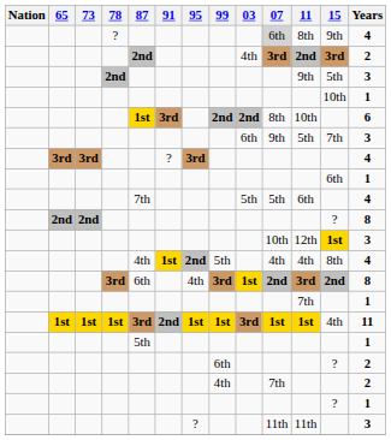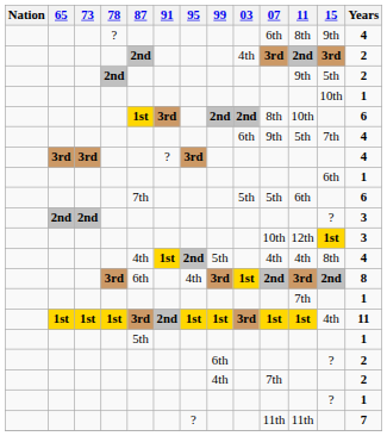 <table class="wikitable" style="text-align:center">
 <tr>
 <th>Nation</th>
 <th><a href='#'>65</a><br></th>
 <th><a href='#'>73</a><br></th>
 <th><a href='#'>78</a><br></th>
 <th><a href='#'>87</a><br></th>
 <th><a href='#'>91</a><br></th>
 <th><a href='#'>95</a><br></th>
 <th><a href='#'>99</a><br></th>
 <th><a href='#'>03</a><br></th>
 <th><a href='#'>07</a><br></th>
 <th><a href='#'>11</a><br></th>
 <th><a href='#'>15</a><br></th>
 <th>Years</th>
 </tr>
 <tr>
 <td align=left></td>
 <td></td>
 <td></td>
 <td>?</td>
 <td></td>
 <td></td>
 <td></td>
 <td></td>
 <td></td>
-<td style="background: lightgrey;">6th</td>
+<td>6th</td>
 <td>8th</td>
 <td>9th</td>
 <td><strong>4</strong></td>
 </tr>
 <tr>
 <td align=left></td>
 <td></td>
 <td></td>
 <td></td>
 <td bgcolor=silver><strong>2nd</strong></td>
 <td></td>
 <td></td>
 <td></td>
 <td>4th</td>
 <td bgcolor=#cc9966><strong>3rd</strong></td>
 <td bgcolor=silver><strong>2nd</strong></td>
 <td bgcolor=#cc9966><strong>3rd</strong></td>
 <td><strong>2</strong></td>
 </tr>
 <tr>
 <td align=left></td>
 <td></td>
 <td></td>
 <td bgcolor=silver><strong>2nd</strong></td>
 <td></td>
 <td></td>
 <td></td>
 <td></td>
 <td></td>
 <td></td>
 <td>9th</td>
 <td>5th</td>
-<td><strong>3</strong></td>
+<td><strong>2</strong></td>
 </tr>
 <tr>
 <td align=left></td>
 <td></td>
 <td></td>
 <td></td>
 <td></td>
 <td></td>
 <td></td>
 <td></td>
 <td></td>
 <td></td>
 <td></td>
 <td>10th</td>
 <td><strong>1</strong></td>
 </tr>
 <tr>
 <td align=left></td>
 <td></td>
 <td></td>
 <td></td>
 <td bgcolor=gold><strong>1st</strong></td>
 <td bgcolor=#cc9966><strong>3rd</strong></td>
 <td></td>
 <td bgcolor=silver><strong>2nd</strong></td>
 <td bgcolor=silver><strong>2nd</strong></td>
 <td>8th</td>
 <td>10th</td>
 <td></td>
 <td><strong>6</strong></td>
 </tr>
 <tr>
 <td align=left></td>
 <td></td>
 <td></td>
 <td></td>
 <td></td>
 <td></td>
 <td></td>
 <td></td>
 <td>6th</td>
 <td>9th</td>
 <td>5th</td>
 <td>7th</td>
-<td><strong>3</strong></td>
+<td><strong>4</strong></td>
 </tr>
 <tr>
 <td align=left></td>
 <td bgcolor=#cc9966><strong>3rd</strong></td>
 <td bgcolor=#cc9966><strong>3rd</strong></td>
 <td></td>
 <td></td>
 <td>?</td>
 <td bgcolor=#cc9966><strong>3rd</strong></td>
 <td></td>
 <td></td>
 <td></td>
 <td></td>
 <td></td>
 <td><strong>4</strong></td>
 </tr>
 <tr>
 <td align=left></td>
 <td></td>
 <td></td>
 <td></td>
 <td></td>
 <td></td>
 <td></td>
 <td></td>
 <td></td>
 <td></td>
 <td></td>
 <td>6th</td>
 <td><strong>1</strong></td>
 </tr>
 <tr>
 <td align=left></td>
 <td></td>
 <td></td>
 <td></td>
 <td>7th</td>
 <td></td>
 <td></td>
 <td></td>
 <td>5th</td>
 <td>5th</td>
 <td>6th</td>
 <td></td>
-<td><strong>4</strong></td>
+<td><strong>6</strong></td>
 </tr>
 <tr>
 <td align=left></td>
 <td bgcolor=silver><strong>2nd</strong></td>
 <td bgcolor=silver><strong>2nd</strong></td>
 <td></td>
 <td></td>
 <td></td>
 <td></td>
 <td></td>
 <td></td>
 <td></td>
 <td></td>
 <td>?</td>
-<td><strong>8</strong></td>
+<td><strong>3</strong></td>
 </tr>
 <tr>
 <td align=left></td>
 <td></td>
 <td></td>
 <td></td>
 <td></td>
 <td></td>
 <td></td>
 <td></td>
 <td></td>
 <td>10th</td>
 <td>12th</td>
 <td bgcolor=gold><strong>1st</strong></td>
 <td><strong>3</strong></td>
 </tr>
 <tr>
 <td align=left></td>
 <td></td>
 <td></td>
 <td></td>
 <td>4th</td>
 <td bgcolor=gold><strong>1st</strong></td>
 <td bgcolor=silver><strong>2nd</strong></td>
 <td>5th</td>
 <td></td>
 <td>4th</td>
 <td>4th</td>
 <td>8th</td>
 <td><strong>4</strong></td>
 </tr>
 <tr>
 <td align=left></td>
 <td></td>
 <td></td>
 <td bgcolor=#cc9966><strong>3rd</strong></td>
 <td>6th</td>
 <td></td>
 <td>4th</td>
 <td bgcolor=#cc9966><strong>3rd</strong></td>
 <td bgcolor=gold><strong>1st</strong></td>
 <td bgcolor=silver><strong>2nd</strong></td>
 <td bgcolor=#cc9966><strong>3rd</strong></td>
 <td bgcolor=silver><strong>2nd</strong></td>
 <td><strong>8</strong></td>
 </tr>
 <tr>
 <td align=left></td>
 <td></td>
 <td></td>
 <td></td>
 <td></td>
 <td></td>
 <td></td>
 <td></td>
 <td></td>
 <td></td>
 <td>7th</td>
 <td></td>
 <td><strong>1</strong></td>
 </tr>
 <tr>
 <td align=left></td>
 <td bgcolor=gold><strong>1st</strong></td>
 <td bgcolor=gold><strong>1st</strong></td>
 <td bgcolor=gold><strong>1st</strong></td>
 <td bgcolor=#cc9966><strong>3rd</strong></td>
 <td bgcolor=silver><strong>2nd</strong></td>
 <td bgcolor=gold><strong>1st</strong></td>
 <td bgcolor=gold><strong>1st</strong></td>
 <td bgcolor=#cc9966><strong>3rd</strong></td>
 <td bgcolor=gold><strong>1st</strong></td>
 <td bgcolor=gold><strong>1st</strong></td>
 <td>4th</td>
 <td><strong>11</strong></td>
 </tr>
 <tr>
 <td align=left></td>
 <td></td>
 <td></td>
 <td></td>
 <td>5th</td>
 <td></td>
 <td></td>
 <td></td>
 <td></td>
 <td></td>
 <td></td>
 <td></td>
 <td><strong>1</strong></td>
 </tr>
 <tr>
 <td align=left></td>
 <td></td>
 <td></td>
 <td></td>
 <td></td>
 <td></td>
 <td></td>
 <td>6th</td>
 <td></td>
 <td></td>
 <td></td>
 <td>?</td>
 <td><strong>2</strong></td>
 </tr>
 <tr>
 <td align=left></td>
 <td></td>
 <td></td>
 <td></td>
 <td></td>
 <td></td>
 <td></td>
 <td>4th</td>
 <td></td>
 <td>7th</td>
 <td></td>
 <td></td>
 <td><strong>2</strong></td>
 </tr>
 <tr>
 <td align=left></td>
 <td></td>
 <td></td>
 <td></td>
 <td></td>
 <td></td>
 <td></td>
 <td></td>
 <td></td>
 <td></td>
 <td></td>
 <td>?</td>
 <td><strong>1</strong></td>
 </tr>
 <tr>
 <td align=left></td>
 <td></td>
 <td></td>
 <td></td>
 <td></td>
 <td></td>
 <td>?</td>
 <td></td>
 <td></td>
 <td>11th</td>
 <td>11th</td>
 <td></td>
-<td><strong>3</strong></td>
+<td><strong>7</strong></td>
 </tr>
 <tr>
 </tr>
 </table>
